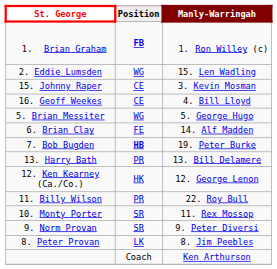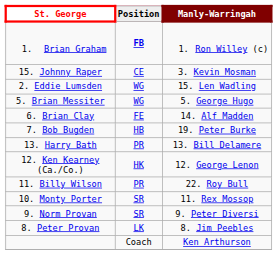 <table align="right" class="wikitable" style="font-size:90%; text-align:center; margin-left:1em">
 <tr bgcolor="#FF0033">
 <th style="width:140px; border:3px solid red; background: white; color: red">St. George</th>
 <th style="width:40px; text-align:center; background:#eee; color:black;">Position</th>
 <th style="width:140px; border:3px solid maroon; background: maroon; color: white">Manly-Warringah</th>
 </tr>
 <tr>
 <td><br><ol><li><a href='#'>Brian Graham</a></li></ol></td>
 <td><strong><a href='#'>FB</a></strong></td>
 <td><br><ol><li><a href='#'>Ron Willey</a> (c)</li></ol></td>
 </tr>
 <tr>
-<td>2. <a href='#'>Eddie Lumsden</a></td>
-<td><a href='#'>WG</a></td>
-<td>15. <a href='#'>Len Wadling</a></td>
-</tr>
-<tr>
 <td>15. <a href='#'>Johnny Raper</a></td>
 <td><a href='#'>CE</a></td>
 <td>3. <a href='#'>Kevin Mosman</a></td>
 </tr>
 <tr>
-<td>16. <a href='#'>Geoff Weekes</a></td>
-<td><a href='#'>CE</a></td>
-<td>4. <a href='#'>Bill Lloyd</a></td>
+<td>2. <a href='#'>Eddie Lumsden</a></td>
+<td><a href='#'>WG</a></td>
+<td>15. <a href='#'>Len Wadling</a></td>
 </tr>
 <tr>
 <td>5. <a href='#'>Brian Messiter</a></td>
 <td><a href='#'>WG</a></td>
 <td>5. <a href='#'>George Hugo</a></td>
 </tr>
 <tr>
 <td>6. <a href='#'>Brian Clay</a></td>
 <td><a href='#'>FE</a></td>
 <td>14. <a href='#'>Alf Madden</a></td>
 </tr>
 <tr>
 <td>7. <a href='#'>Bob Bugden</a></td>
-<td><strong><a href='#'>HB</a></strong></td>
+<td><a href='#'>HB</a></td>
 <td>19. <a href='#'>Peter Burke</a></td>
 </tr>
 <tr>
 <td>13. <a href='#'>Harry Bath</a></td>
 <td><a href='#'>PR</a></td>
 <td>13. <a href='#'>Bill Delamere</a></td>
 </tr>
 <tr>
 <td>12. <a href='#'>Ken Kearney</a> (Ca./Co.)</td>
 <td><a href='#'>HK</a></td>
 <td>12. <a href='#'>George Lenon</a></td>
 </tr>
 <tr>
 <td>11. <a href='#'>Billy Wilson</a></td>
 <td><a href='#'>PR</a></td>
 <td>22. <a href='#'>Roy Bull</a></td>
 </tr>
 <tr>
 <td>10. <a href='#'>Monty Porter</a></td>
 <td><a href='#'>SR</a></td>
 <td>11. <a href='#'>Rex Mossop</a></td>
 </tr>
 <tr>
 <td>9. <a href='#'>Norm Provan</a></td>
 <td><a href='#'>SR</a></td>
 <td>9. <a href='#'>Peter Diversi</a></td>
 </tr>
 <tr>
 <td>8. <a href='#'>Peter Provan</a></td>
 <td><a href='#'>LK</a></td>
 <td>8. <a href='#'>Jim Peebles</a></td>
 </tr>
 <tr>
 <td></td>
 <td>Coach</td>
 <td><a href='#'>Ken Arthurson</a></td>
 </tr>
 <tr>
 </tr>
 </table>
